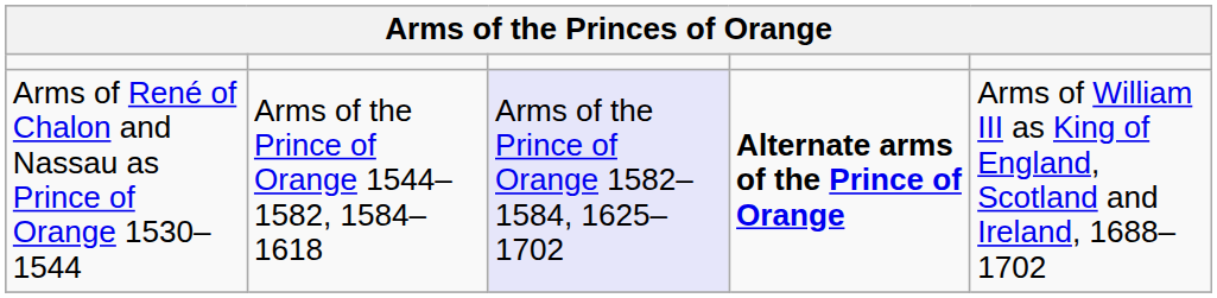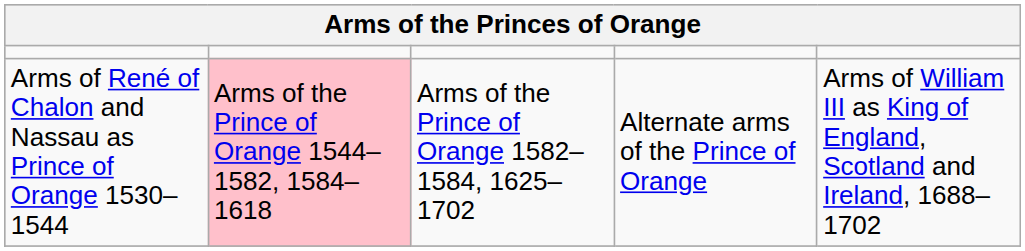 <table class="wikitable" width="100%">
 <tr>
 <th align=center colspan=5>Arms of the Princes of Orange</th>
 </tr>
 <tr>
 <td align=center width="20%"></td>
 <td align=center width="20%"></td>
 <td align=center width="20%"></td>
 <td align=center width="20%"></td>
 <td align=center width="20%"></td>
 </tr>
 <tr>
 <td>Arms of <a href='#'>René of Chalon</a> and Nassau as <a href='#'>Prince of Orange</a> 1530–1544</td>
-<td>Arms of the <a href='#'>Prince of Orange</a> 1544–1582, 1584–1618</td>
-<td style="background: lavender;">Arms of the <a href='#'>Prince of Orange</a> 1582–1584, 1625–1702</td>
-<td><strong>Alternate arms of the <a href='#'>Prince of Orange</a></strong></td>
+<td style="background: pink;">Arms of the <a href='#'>Prince of Orange</a> 1544–1582, 1584–1618</td>
+<td>Arms of the <a href='#'>Prince of Orange</a> 1582–1584, 1625–1702</td>
+<td>Alternate arms of the <a href='#'>Prince of Orange</a></td>
 <td>Arms of <a href='#'>William III</a> as <a href='#'>King of England</a>, <a href='#'>Scotland</a> and <a href='#'>Ireland</a>, 1688–1702</td>
 </tr>
 </table>
